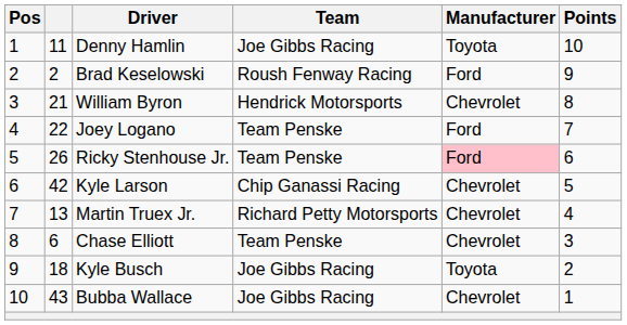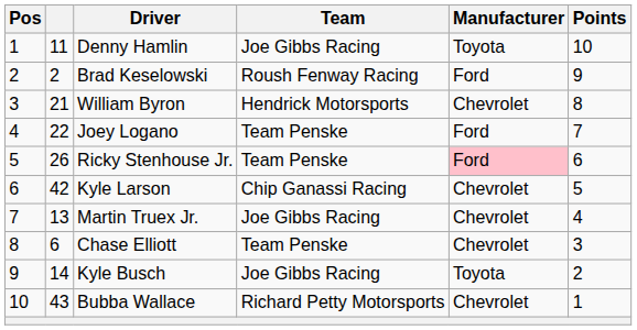 <table class="wikitable" style="font-size:98%">
 <tr>
 <th>Pos</th>
 <th></th>
 <th>Driver</th>
 <th>Team</th>
 <th>Manufacturer</th>
 <th>Points</th>
 </tr>
 <tr>
 <td>1</td>
 <td>11</td>
 <td>Denny Hamlin</td>
 <td>Joe Gibbs Racing</td>
 <td>Toyota</td>
 <td>10</td>
 </tr>
 <tr>
 <td>2</td>
 <td>2</td>
 <td>Brad Keselowski</td>
 <td>Roush Fenway Racing</td>
 <td>Ford</td>
 <td>9</td>
 </tr>
 <tr>
 <td>3</td>
 <td>21</td>
 <td>William Byron</td>
 <td>Hendrick Motorsports</td>
 <td>Chevrolet</td>
 <td>8</td>
 </tr>
 <tr>
 <td>4</td>
 <td>22</td>
 <td>Joey Logano</td>
 <td>Team Penske</td>
 <td>Ford</td>
 <td>7</td>
 </tr>
 <tr>
 <td>5</td>
 <td>26</td>
 <td>Ricky Stenhouse Jr.</td>
 <td>Team Penske</td>
 <td style="background: pink;">Ford</td>
 <td>6</td>
 </tr>
 <tr>
 <td>6</td>
 <td>42</td>
 <td>Kyle Larson</td>
 <td>Chip Ganassi Racing</td>
 <td>Chevrolet</td>
 <td>5</td>
 </tr>
 <tr>
 <td>7</td>
 <td>13</td>
 <td>Martin Truex Jr.</td>
-<td>Richard Petty Motorsports</td>
+<td>Joe Gibbs Racing</td>
 <td>Chevrolet</td>
 <td>4</td>
 </tr>
 <tr>
 <td>8</td>
 <td>6</td>
 <td>Chase Elliott</td>
 <td>Team Penske</td>
 <td>Chevrolet</td>
 <td>3</td>
 </tr>
 <tr>
 <td>9</td>
-<td>18</td>
+<td>14</td>
 <td>Kyle Busch</td>
 <td>Joe Gibbs Racing</td>
 <td>Toyota</td>
 <td>2</td>
 </tr>
 <tr>
 <td>10</td>
 <td>43</td>
 <td>Bubba Wallace</td>
-<td>Joe Gibbs Racing</td>
+<td>Richard Petty Motorsports</td>
 <td>Chevrolet</td>
 <td>1</td>
 </tr>
 <tr>
 <th colspan="6"></th>
 </tr>
 </table>
